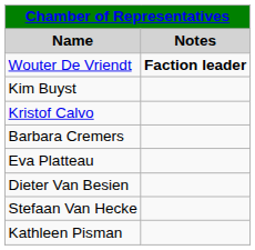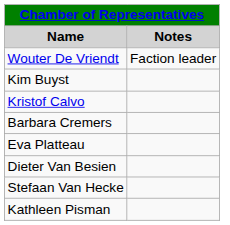 <table class="wikitable">
 <tr>
 <th style="background:green;" colspan="4"><a href='#'><span>Chamber of Representatives</span></a></th>
 </tr>
 <tr>
 <th style="background:LightGrey;">Name</th>
 <th style="background:LightGrey;">Notes</th>
 </tr>
 <tr>
 <td> <a href='#'>Wouter De Vriendt</a></td>
-<td><strong>Faction leader</strong></td>
+<td>Faction leader</td>
 </tr>
 <tr>
 <td> Kim Buyst</td>
 <td></td>
 </tr>
 <tr>
 <td> <a href='#'>Kristof Calvo</a></td>
 <td></td>
 </tr>
 <tr>
 <td> Barbara Cremers</td>
 <td></td>
 </tr>
 <tr>
 <td> Eva Platteau</td>
 <td></td>
 </tr>
 <tr>
 <td> Dieter Van Besien</td>
 <td></td>
 </tr>
 <tr>
 <td> Stefaan Van Hecke</td>
 <td></td>
 </tr>
 <tr>
 <td> Kathleen Pisman</td>
 <td></td>
 </tr>
 </table>
